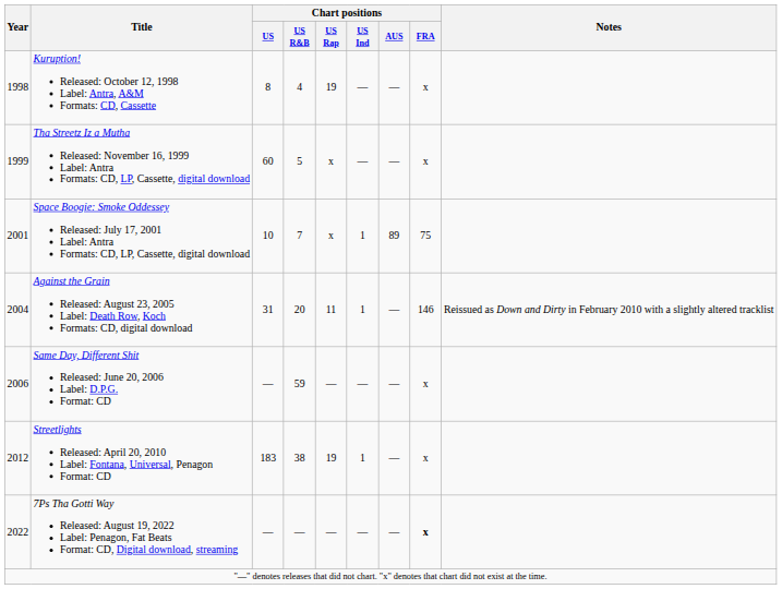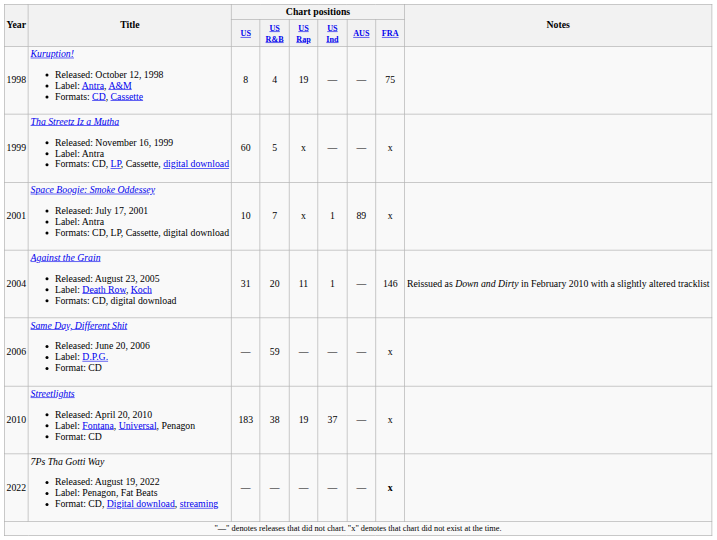 <table class="wikitable">
 <tr>
 <th rowspan="2">Year</th>
 <th rowspan="2">Title</th>
 <th colspan="6">Chart positions</th>
 <th rowspan="2">Notes</th>
 </tr>
 <tr>
 <th width="40"><small><a href='#'>US</a></small><br></th>
 <th width="40"><small><a href='#'>US R&B</a></small><br></th>
 <th width="40"><small><a href='#'>US Rap</a></small><br></th>
 <th width="40"><small><a href='#'>US Ind</a></small><br></th>
 <th width="40"><small><a href='#'>AUS</a></small><br></th>
 <th width="40"><small><a href='#'>FRA</a></small><br></th>
 </tr>
 <tr>
 <td>1998</td>
 <td><em><a href='#'>Kuruption!</a></em><br><ul><li>Released: October 12, 1998</li><li>Label: <a href='#'>Antra</a>, <a href='#'>A&M</a></li><li>Formats: <a href='#'>CD</a>, <a href='#'>Cassette</a></li></ul></td>
 <td style="text-align:center;">8</td>
 <td style="text-align:center;">4</td>
 <td style="text-align:center;">19</td>
 <td style="text-align:center;">—</td>
 <td style="text-align:center;">—</td>
-<td style="text-align:center;">x</td>
+<td style="text-align:center;">75</td>
 <td></td>
 </tr>
 <tr>
 <td>1999</td>
 <td><em><a href='#'>Tha Streetz Iz a Mutha</a></em><br><ul><li>Released: November 16, 1999</li><li>Label: Antra</li><li>Formats: CD, <a href='#'>LP</a>, Cassette, <a href='#'>digital download</a></li></ul></td>
 <td style="text-align:center;">60</td>
 <td style="text-align:center;">5</td>
 <td style="text-align:center;">x</td>
 <td style="text-align:center;">—</td>
 <td style="text-align:center;">—</td>
 <td style="text-align:center;">x</td>
 <td></td>
 </tr>
 <tr>
 <td>2001</td>
 <td><em><a href='#'>Space Boogie: Smoke Oddessey</a></em><br><ul><li>Released: July 17, 2001</li><li>Label: Antra</li><li>Formats: CD, LP, Cassette, digital download</li></ul></td>
 <td style="text-align:center;">10</td>
 <td style="text-align:center;">7</td>
 <td style="text-align:center;">x</td>
 <td style="text-align:center;">1</td>
 <td style="text-align:center;">89</td>
-<td style="text-align:center;">75</td>
+<td style="text-align:center;">x</td>
 <td></td>
 </tr>
 <tr>
 <td>2004</td>
 <td><em><a href='#'>Against the Grain</a></em><br><ul><li>Released: August 23, 2005</li><li>Label: <a href='#'>Death Row</a>, <a href='#'>Koch</a></li><li>Formats: CD, digital download</li></ul></td>
 <td style="text-align:center;">31</td>
 <td style="text-align:center;">20</td>
 <td style="text-align:center;">11</td>
 <td style="text-align:center;">1</td>
 <td style="text-align:center;">—</td>
 <td style="text-align:center;">146</td>
 <td>Reissued as <em>Down and Dirty</em> in February 2010 with a slightly altered tracklist</td>
 </tr>
 <tr>
 <td>2006</td>
 <td><em><a href='#'>Same Day, Different Shit</a></em><br><ul><li>Released: June 20, 2006</li><li>Label: <a href='#'>D.P.G.</a></li><li>Format: CD</li></ul></td>
 <td style="text-align:center;">—</td>
 <td style="text-align:center;">59</td>
 <td style="text-align:center;">—</td>
 <td style="text-align:center;">—</td>
 <td style="text-align:center;">—</td>
 <td style="text-align:center;">x</td>
 <td></td>
 </tr>
 <tr>
-<td>2012</td>
+<td>2010</td>
 <td><em><a href='#'>Streetlights</a></em><br><ul><li>Released: April 20, 2010</li><li>Label: <a href='#'>Fontana</a>, <a href='#'>Universal</a>, Penagon</li><li>Format: CD</li></ul></td>
 <td style="text-align:center;">183</td>
 <td style="text-align:center;">38</td>
 <td style="text-align:center;">19</td>
-<td style="text-align:center;">1</td>
+<td style="text-align:center;">37</td>
 <td style="text-align:center;">—</td>
 <td style="text-align:center;">x</td>
 <td></td>
 </tr>
 <tr>
 <td>2022</td>
 <td><em>7Ps Tha Gotti Way</em><br><ul><li>Released: August 19, 2022</li><li>Label: Penagon, Fat Beats</li><li>Format: CD, <a href='#'>Digital download</a>, <a href='#'>streaming</a></li></ul></td>
 <td style="text-align:center;">—</td>
 <td style="text-align:center;">—</td>
 <td style="text-align:center;">—</td>
 <td style="text-align:center;">—</td>
 <td style="text-align:center;">—</td>
 <td style="text-align:center;"><strong>x</strong></td>
 <td></td>
 </tr>
 <tr>
 <td colspan="9" style="text-align:center; font-size:85%;">"—" denotes releases that did not chart. "x" denotes that chart did not exist at the time.</td>
 </tr>
 </table>
